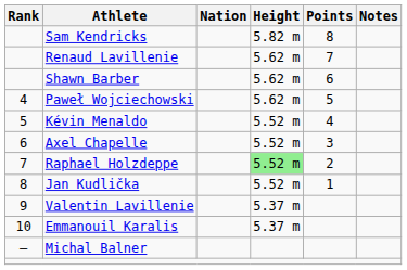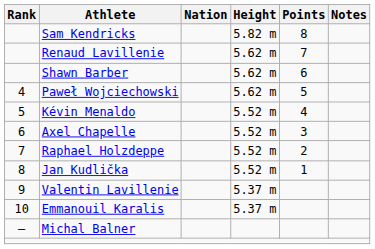 <table class="wikitable mw-datatable sortable" style="text-align:center;">
 <tr>
 <th>Rank</th>
 <th>Athlete</th>
 <th>Nation</th>
 <th>Height</th>
 <th>Points</th>
 <th>Notes</th>
 </tr>
 <tr>
 <td></td>
 <td align=left><a href='#'>Sam Kendricks</a></td>
 <td align=left></td>
 <td>5.82 m</td>
 <td>8</td>
 <td></td>
 </tr>
 <tr>
 <td></td>
 <td align=left><a href='#'>Renaud Lavillenie</a></td>
 <td align=left></td>
 <td>5.62 m</td>
 <td>7</td>
 <td></td>
 </tr>
 <tr>
 <td></td>
 <td align=left><a href='#'>Shawn Barber</a></td>
 <td align=left></td>
 <td>5.62 m</td>
 <td>6</td>
 <td></td>
 </tr>
 <tr>
 <td>4</td>
 <td align=left><a href='#'>Paweł Wojciechowski</a></td>
 <td align=left></td>
 <td>5.62 m</td>
 <td>5</td>
 <td></td>
 </tr>
 <tr>
 <td>5</td>
 <td align=left><a href='#'>Kévin Menaldo</a></td>
 <td align=left></td>
 <td>5.52 m</td>
 <td>4</td>
 <td></td>
 </tr>
 <tr>
 <td>6</td>
 <td align=left><a href='#'>Axel Chapelle</a></td>
 <td align=left></td>
 <td>5.52 m</td>
 <td>3</td>
 <td></td>
 </tr>
 <tr>
 <td>7</td>
 <td align=left><a href='#'>Raphael Holzdeppe</a></td>
 <td align=left></td>
-<td style="background: lightgreen;">5.52 m</td>
+<td>5.52 m</td>
 <td>2</td>
 <td></td>
 </tr>
 <tr>
 <td>8</td>
 <td align=left><a href='#'>Jan Kudlička</a></td>
 <td align=left></td>
 <td>5.52 m</td>
 <td>1</td>
 <td></td>
 </tr>
 <tr>
 <td>9</td>
 <td align=left><a href='#'>Valentin Lavillenie</a></td>
 <td align=left></td>
 <td>5.37 m</td>
 <td></td>
 <td></td>
 </tr>
 <tr>
 <td>10</td>
 <td align=left><a href='#'>Emmanouil Karalis</a></td>
 <td align=left></td>
 <td>5.37 m</td>
 <td></td>
 <td></td>
 </tr>
 <tr>
 <td>—</td>
 <td align=left><a href='#'>Michal Balner</a></td>
 <td align=left></td>
 <td></td>
 <td></td>
 <td></td>
 </tr>
 <tr class="sortbottom">
 <td colspan=6></td>
 </tr>
 </table>
